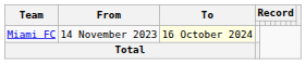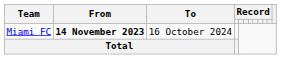 <table class="wikitable" style="text-align: center;">
 <tr>
 <th rowspan="2">Team</th>
 <th rowspan="2">From</th>
 <th rowspan="2">To</th>
 <th colspan="8">Record</th>
 <th rowspan="2"></th>
 </tr>
 <tr>
 <th></th>
 <th></th>
 <th></th>
 <th></th>
 <th></th>
 <th></th>
 <th></th>
 <th></th>
 </tr>
 <tr>
 <td><a href='#'>Miami FC</a></td>
-<td>14 November 2023</td>
-<td style="background: lightyellow;">16 October 2024<br></td>
+<td><strong>14 November 2023</strong></td>
+<td>16 October 2024<br></td>
 <td></td>
 </tr>
 <tr>
 <th colspan="3">Total<br></th>
 <th></th>
 </tr>
 </table>
